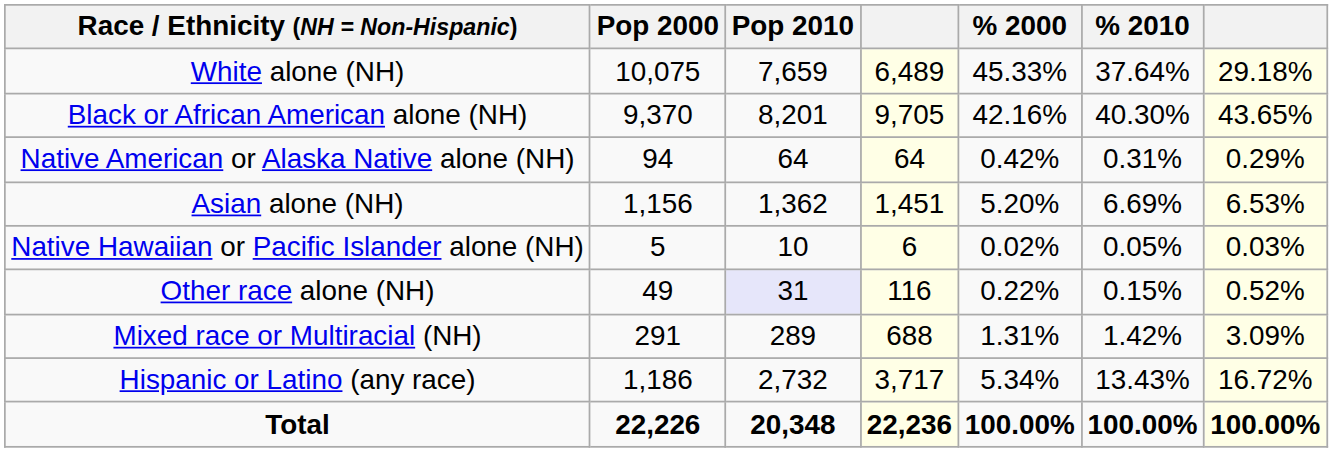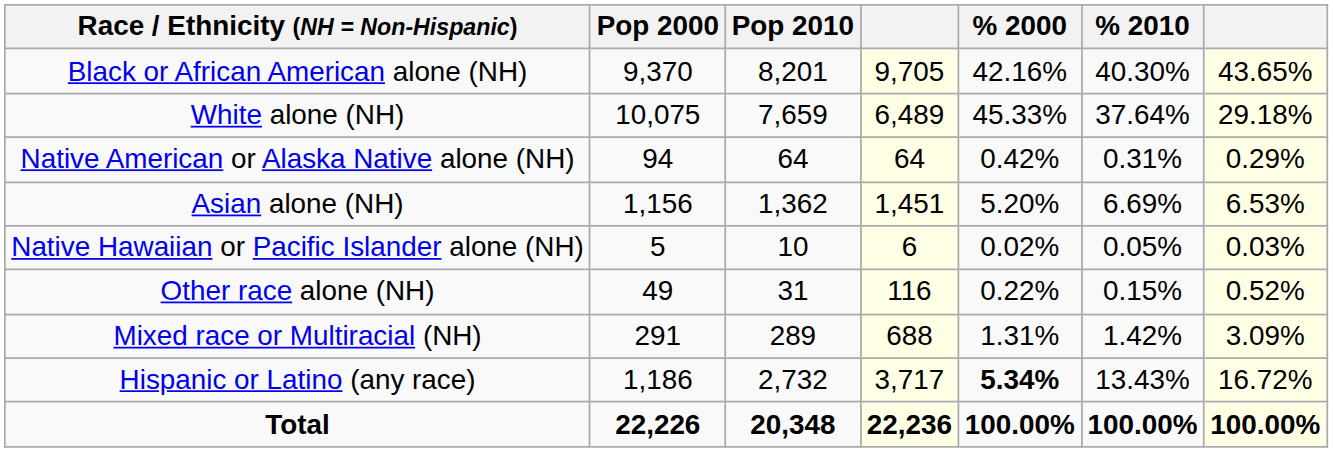 <table class="wikitable" style="text-align:center;">
 <tr>
 <th>Race / Ethnicity <small>(<em>NH = Non-Hispanic</em>)</small></th>
 <th>Pop 2000</th>
 <th>Pop 2010</th>
 <th></th>
 <th>% 2000</th>
 <th>% 2010</th>
 <th></th>
 </tr>
 <tr>
+<td><a href='#'>Black or African American</a> alone (NH)</td>
+<td>9,370</td>
+<td>8,201</td>
+<td style='background: #ffffe6;'>9,705</td>
+<td>42.16%</td>
+<td>40.30%</td>
+<td style='background: #ffffe6;'>43.65%</td>
+</tr>
+<tr>
 <td><a href='#'>White</a> alone (NH)</td>
 <td>10,075</td>
 <td>7,659</td>
 <td style='background: #ffffe6;'>6,489</td>
 <td>45.33%</td>
 <td>37.64%</td>
 <td style='background: #ffffe6;'>29.18%</td>
-</tr>
-<tr>
-<td><a href='#'>Black or African American</a> alone (NH)</td>
-<td>9,370</td>
-<td>8,201</td>
-<td style='background: #ffffe6;'>9,705</td>
-<td>42.16%</td>
-<td>40.30%</td>
-<td style='background: #ffffe6;'>43.65%</td>
 </tr>
 <tr>
 <td><a href='#'>Native American</a> or <a href='#'>Alaska Native</a> alone (NH)</td>
 <td>94</td>
 <td>64</td>
 <td style='background: #ffffe6;'>64</td>
 <td>0.42%</td>
 <td>0.31%</td>
 <td style='background: #ffffe6;'>0.29%</td>
 </tr>
 <tr>
 <td><a href='#'>Asian</a> alone (NH)</td>
 <td>1,156</td>
 <td>1,362</td>
 <td style='background: #ffffe6;'>1,451</td>
 <td>5.20%</td>
 <td>6.69%</td>
 <td style='background: #ffffe6;'>6.53%</td>
 </tr>
 <tr>
 <td><a href='#'>Native Hawaiian</a> or <a href='#'>Pacific Islander</a> alone (NH)</td>
 <td>5</td>
 <td>10</td>
 <td style='background: #ffffe6;'>6</td>
 <td>0.02%</td>
 <td>0.05%</td>
 <td style='background: #ffffe6;'>0.03%</td>
 </tr>
 <tr>
 <td><a href='#'>Other race</a> alone (NH)</td>
 <td>49</td>
-<td style="background: lavender;">31</td>
+<td>31</td>
 <td style='background: #ffffe6;'>116</td>
 <td>0.22%</td>
 <td>0.15%</td>
 <td style='background: #ffffe6;'>0.52%</td>
 </tr>
 <tr>
 <td><a href='#'>Mixed race or Multiracial</a> (NH)</td>
 <td>291</td>
 <td>289</td>
 <td style='background: #ffffe6;'>688</td>
 <td>1.31%</td>
 <td>1.42%</td>
 <td style='background: #ffffe6;'>3.09%</td>
 </tr>
 <tr>
 <td><a href='#'>Hispanic or Latino</a> (any race)</td>
 <td>1,186</td>
 <td>2,732</td>
 <td style='background: #ffffe6;'>3,717</td>
-<td>5.34%</td>
+<td><strong>5.34%</strong></td>
 <td>13.43%</td>
 <td style='background: #ffffe6;'>16.72%</td>
 </tr>
 <tr>
 <td><strong>Total</strong></td>
 <td><strong>22,226</strong></td>
 <td><strong>20,348</strong></td>
 <td style='background: #ffffe6;'><strong>22,236</strong></td>
 <td><strong>100.00%</strong></td>
 <td><strong>100.00%</strong></td>
 <td style='background: #ffffe6;'><strong>100.00%</strong></td>
 </tr>
 </table>
